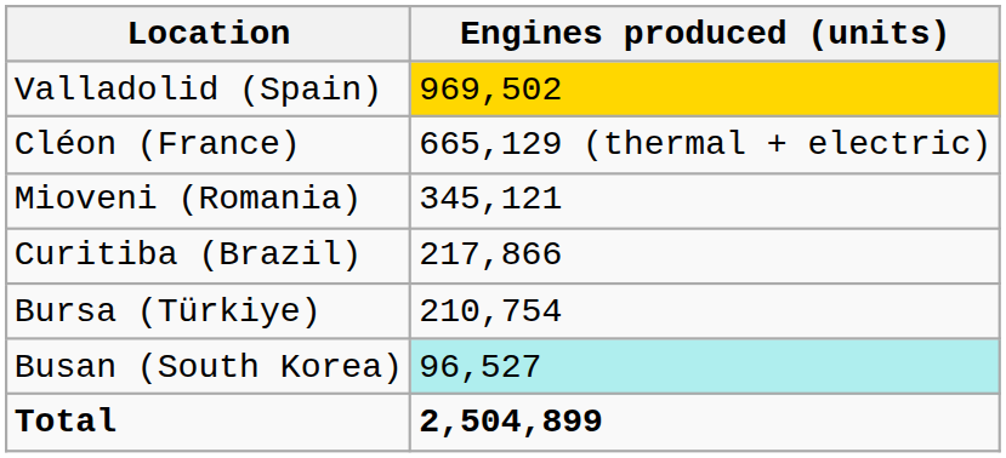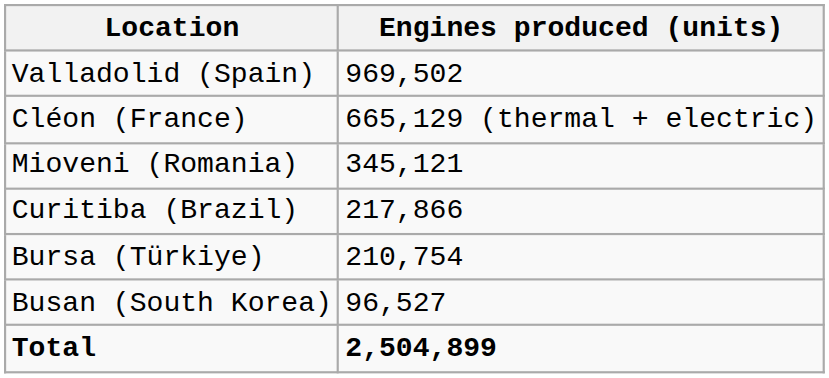 <table class="wikitable">
 <tr>
 <th>Location</th>
 <th>Engines produced (units)</th>
 </tr>
 <tr>
 <td>Valladolid (Spain)</td>
-<td style="background: gold;">969,502</td>
+<td>969,502</td>
 </tr>
 <tr>
 <td>Cléon (France)</td>
 <td>665,129 (thermal + electric)</td>
 </tr>
 <tr>
 <td>Mioveni (Romania)</td>
 <td>345,121</td>
 </tr>
 <tr>
 <td>Curitiba (Brazil)</td>
 <td>217,866</td>
 </tr>
 <tr>
 <td>Bursa (Türkiye)</td>
 <td>210,754</td>
 </tr>
 <tr>
 <td>Busan (South Korea)</td>
-<td style="background: paleturquoise;">96,527</td>
+<td>96,527</td>
 </tr>
 <tr>
 <td><strong>Total</strong></td>
 <td><strong>2,504,899</strong></td>
 </tr>
 </table>
